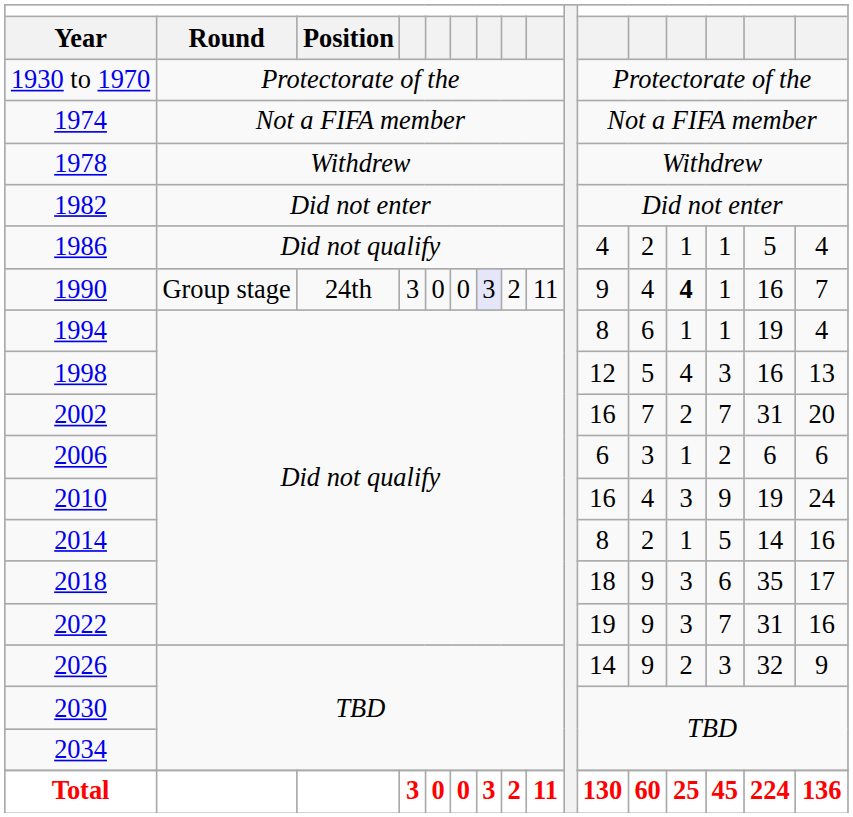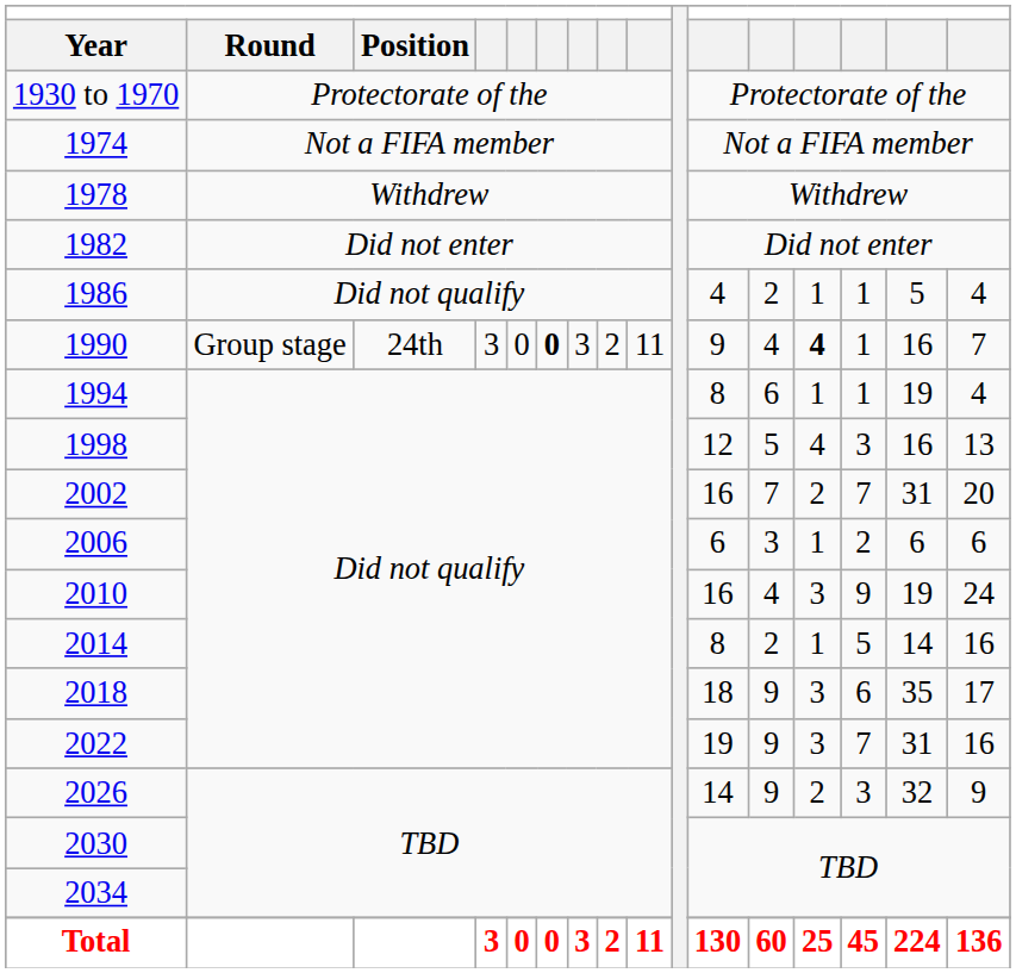 <table class="wikitable" style="text-align: center">
 <tr>
 <th colspan="9" style="background:#ffffff;"><a href='#'></a> </th>
 <th rowspan="39"></th>
 <th colspan="7" style="background: #ffffff;"><a href='#'></a> </th>
 </tr>
 <tr>
 <th>Year</th>
 <th>Round</th>
 <th>Position</th>
 <th></th>
 <th></th>
 <th></th>
 <th></th>
 <th></th>
 <th></th>
 <th></th>
 <th></th>
 <th></th>
 <th></th>
 <th></th>
 <th></th>
 </tr>
 <tr>
 <td><a href='#'>1930</a> to <a href='#'>1970</a></td>
 <td colspan="8"><em>Protectorate of the </em></td>
 <td colspan=6><em>Protectorate of the </em></td>
 </tr>
 <tr>
 <td> <a href='#'>1974</a></td>
 <td colspan="8"><em>Not a FIFA member</em></td>
 <td colspan="6"><em>Not a FIFA member</em></td>
 </tr>
 <tr>
 <td> <a href='#'>1978</a></td>
 <td colspan="8"><em>Withdrew</em></td>
 <td colspan="6"><em>Withdrew</em></td>
 </tr>
 <tr>
 <td> <a href='#'>1982</a></td>
 <td colspan="8"><em>Did not enter</em></td>
 <td colspan="6"><em>Did not enter</em></td>
 </tr>
 <tr>
 <td> <a href='#'>1986</a></td>
 <td colspan=8><em>Did not qualify</em></td>
 <td>4</td>
 <td>2</td>
 <td>1</td>
 <td>1</td>
 <td>5</td>
 <td>4</td>
 </tr>
 <tr>
 <td> <a href='#'>1990</a></td>
 <td>Group stage</td>
 <td>24th</td>
 <td>3</td>
 <td>0</td>
-<td>0</td>
-<td style="background: lavender;">3</td>
+<td><strong>0</strong></td>
+<td>3</td>
 <td>2</td>
 <td>11</td>
 <td>9</td>
 <td>4</td>
 <td><strong>4</strong></td>
 <td>1</td>
 <td>16</td>
 <td>7</td>
 </tr>
 <tr>
 <td> <a href='#'>1994</a></td>
 <td colspan=8 rowspan=8><em>Did not qualify</em></td>
 <td>8</td>
 <td>6</td>
 <td>1</td>
 <td>1</td>
 <td>19</td>
 <td>4</td>
 </tr>
 <tr>
 <td> <a href='#'>1998</a></td>
 <td>12</td>
 <td>5</td>
 <td>4</td>
 <td>3</td>
 <td>16</td>
 <td>13</td>
 </tr>
 <tr>
 <td>  <a href='#'>2002</a></td>
 <td>16</td>
 <td>7</td>
 <td>2</td>
 <td>7</td>
 <td>31</td>
 <td>20</td>
 </tr>
 <tr>
 <td> <a href='#'>2006</a></td>
 <td>6</td>
 <td>3</td>
 <td>1</td>
 <td>2</td>
 <td>6</td>
 <td>6</td>
 </tr>
 <tr>
 <td> <a href='#'>2010</a></td>
 <td>16</td>
 <td>4</td>
 <td>3</td>
 <td>9</td>
 <td>19</td>
 <td>24</td>
 </tr>
 <tr>
 <td> <a href='#'>2014</a></td>
 <td>8</td>
 <td>2</td>
 <td>1</td>
 <td>5</td>
 <td>14</td>
 <td>16</td>
 </tr>
 <tr>
 <td> <a href='#'>2018</a></td>
 <td>18</td>
 <td>9</td>
 <td>3</td>
 <td>6</td>
 <td>35</td>
 <td>17</td>
 </tr>
 <tr>
 <td> <a href='#'>2022</a></td>
 <td>19</td>
 <td>9</td>
 <td>3</td>
 <td>7</td>
 <td>31</td>
 <td>16</td>
 </tr>
 <tr>
 <td>   <a href='#'>2026</a></td>
 <td colspan=8 rowspan=3><em>TBD</em></td>
 <td>14</td>
 <td>9</td>
 <td>2</td>
 <td>3</td>
 <td>32</td>
 <td>9</td>
 </tr>
 <tr>
 <td>   <a href='#'>2030</a></td>
 <td colspan=6 rowspan=2><em>TBD</em></td>
 </tr>
 <tr>
 <td> <a href='#'>2034</a></td>
 </tr>
 <tr>
 </tr>
 <tr style="color:red;">
 <th style="background:#ffffff;"><strong>Total</strong></th>
 <th style="background:#ffffff;"><strong></strong></th>
 <th style="background:#ffffff;"><strong></strong></th>
 <th style="background:#ffffff;"><strong>3</strong></th>
 <th style="background:#ffffff;"><strong>0</strong></th>
 <th style="background:#ffffff;"><strong>0</strong></th>
 <th style="background:#ffffff;"><strong>3</strong></th>
 <th style="background:#ffffff;"><strong>2</strong></th>
 <th style="background:#ffffff;"><strong>11</strong></th>
 <th style="background:#ffffff;"><strong>130</strong></th>
 <th style="background:#ffffff;"><strong>60</strong></th>
 <th style="background:#ffffff;"><strong>25</strong></th>
 <th style="background:#ffffff;"><strong>45</strong></th>
 <th style="background:#ffffff;"><strong>224</strong></th>
 <th style="background:#ffffff;"><strong>136</strong></th>
 </tr>
 </table>
